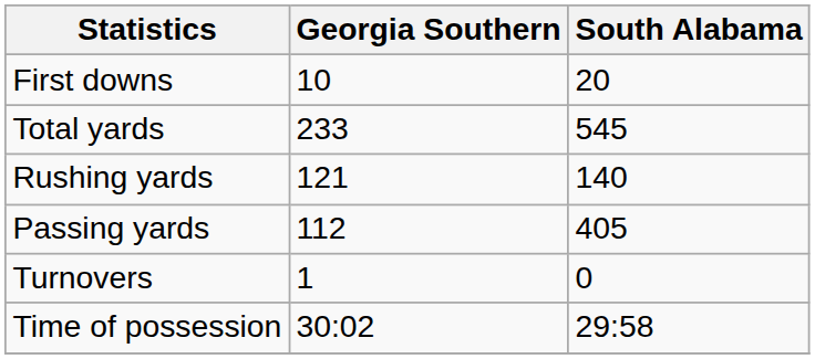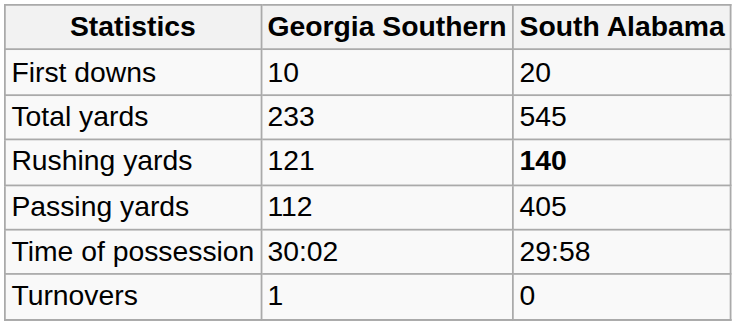 <table class="wikitable">
 <tr>
 <th>Statistics</th>
 <th>Georgia Southern</th>
 <th>South Alabama</th>
 </tr>
 <tr>
 <td>First downs</td>
 <td>10</td>
 <td>20</td>
 </tr>
 <tr>
 <td>Total yards</td>
 <td>233</td>
 <td>545</td>
 </tr>
 <tr>
 <td>Rushing yards</td>
 <td>121</td>
-<td>140</td>
+<td><strong>140</strong></td>
 </tr>
 <tr>
 <td>Passing yards</td>
 <td>112</td>
 <td>405</td>
 </tr>
 <tr>
+<td>Time of possession</td>
+<td>30:02</td>
+<td>29:58</td>
+</tr>
+<tr>
 <td>Turnovers</td>
 <td>1</td>
 <td>0</td>
 </tr>
 <tr>
-<td>Time of possession</td>
-<td>30:02</td>
-<td>29:58</td>
-</tr>
-<tr>
 </tr>
 </table>
